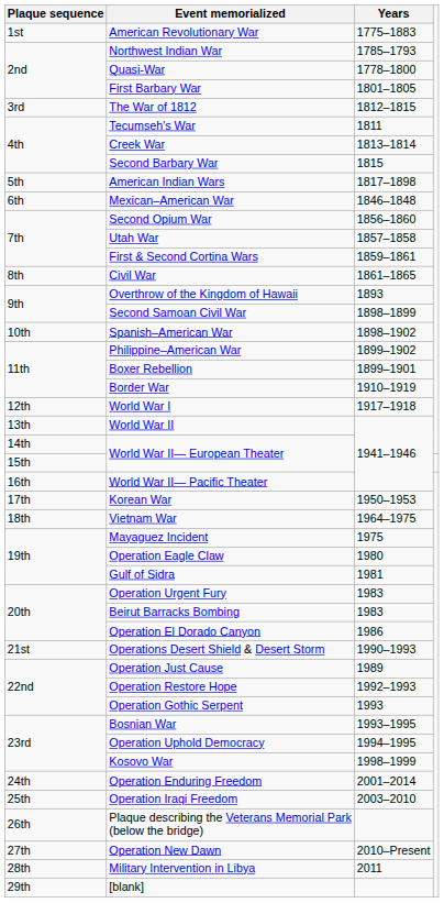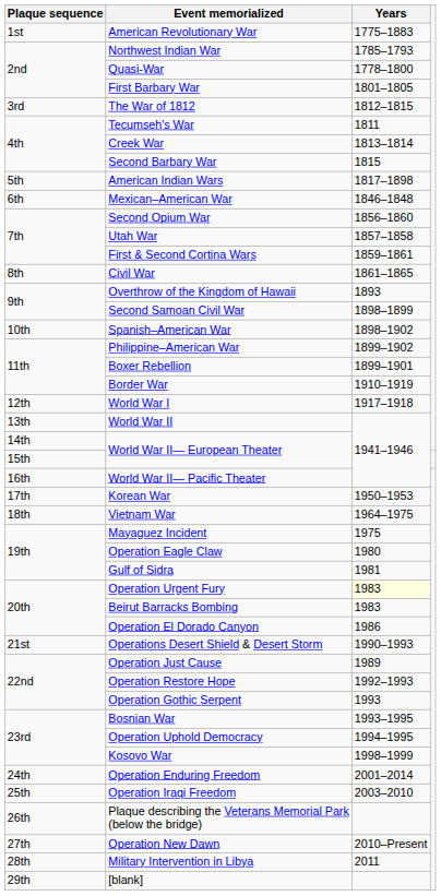 <table class="wikitable">
 <tr>
 <th>Plaque sequence</th>
 <th>Event memorialized</th>
 <th>Years</th>
 </tr>
 <tr>
 <td>1st</td>
 <td><a href='#'>American Revolutionary War</a></td>
 <td>1775–1883</td>
 </tr>
 <tr>
 <td rowspan="3">2nd</td>
 <td><a href='#'>Northwest Indian War</a></td>
 <td>1785–1793</td>
 </tr>
 <tr>
 <td><a href='#'>Quasi-War</a></td>
 <td>1778–1800</td>
 </tr>
 <tr>
 <td><a href='#'>First Barbary War</a></td>
 <td>1801–1805</td>
 </tr>
 <tr>
 <td>3rd</td>
 <td><a href='#'>The War of 1812</a></td>
 <td>1812–1815</td>
 </tr>
 <tr>
 <td rowspan="3">4th</td>
 <td><a href='#'>Tecumseh's War</a></td>
 <td>1811</td>
 </tr>
 <tr>
 <td><a href='#'>Creek War</a></td>
 <td>1813–1814</td>
 </tr>
 <tr>
 <td><a href='#'>Second Barbary War</a></td>
 <td>1815</td>
 </tr>
 <tr>
 <td>5th</td>
 <td><a href='#'>American Indian Wars</a></td>
 <td>1817–1898</td>
 </tr>
 <tr>
 <td>6th</td>
 <td><a href='#'>Mexican–American War</a></td>
 <td>1846–1848</td>
 </tr>
 <tr>
 <td rowspan="3">7th</td>
 <td><a href='#'>Second Opium War</a></td>
 <td>1856–1860</td>
 </tr>
 <tr>
 <td><a href='#'>Utah War</a></td>
 <td>1857–1858</td>
 </tr>
 <tr>
 <td><a href='#'>First & Second Cortina Wars</a></td>
 <td>1859–1861</td>
 </tr>
 <tr>
 <td>8th</td>
 <td><a href='#'>Civil War</a></td>
 <td>1861–1865</td>
 </tr>
 <tr>
 <td rowspan="2">9th</td>
 <td><a href='#'>Overthrow of the Kingdom of Hawaii</a></td>
 <td>1893</td>
 </tr>
 <tr>
 <td><a href='#'>Second Samoan Civil War</a></td>
 <td>1898–1899</td>
 </tr>
 <tr>
 <td>10th</td>
 <td><a href='#'>Spanish–American War</a></td>
 <td>1898–1902</td>
 </tr>
 <tr>
 <td rowspan="3">11th</td>
 <td><a href='#'>Philippine–American War</a></td>
 <td>1899–1902</td>
 </tr>
 <tr>
 <td><a href='#'>Boxer Rebellion</a></td>
 <td>1899–1901</td>
 </tr>
 <tr>
 <td><a href='#'>Border War</a></td>
 <td>1910–1919</td>
 </tr>
 <tr>
 <td>12th</td>
 <td><a href='#'>World War I</a></td>
 <td>1917–1918</td>
 </tr>
 <tr>
 <td>13th</td>
 <td><a href='#'>World War II</a></td>
 <td rowspan="4">1941–1946</td>
 </tr>
 <tr>
 <td>14th</td>
 <td rowspan="2"><a href='#'>World War II— European Theater</a></td>
 </tr>
 <tr>
 <td>15th</td>
 <td></td>
 </tr>
 <tr>
 <td>16th</td>
 <td><a href='#'>World War II— Pacific Theater</a></td>
 </tr>
 <tr>
 <td>17th</td>
 <td><a href='#'>Korean War</a></td>
 <td>1950–1953</td>
 </tr>
 <tr>
 <td>18th</td>
 <td><a href='#'>Vietnam War</a></td>
 <td>1964–1975</td>
 </tr>
 <tr>
 <td rowspan="3">19th</td>
 <td><a href='#'>Mayaguez Incident</a></td>
 <td>1975</td>
 </tr>
 <tr>
 <td><a href='#'>Operation Eagle Claw</a></td>
 <td>1980</td>
 </tr>
 <tr>
 <td><a href='#'>Gulf of Sidra</a></td>
 <td>1981</td>
 </tr>
 <tr>
 <td rowspan="3">20th</td>
 <td><a href='#'>Operation Urgent Fury</a></td>
-<td>1983</td>
+<td style="background: lightyellow;">1983</td>
 </tr>
 <tr>
 <td><a href='#'>Beirut Barracks Bombing</a></td>
 <td>1983</td>
 </tr>
 <tr>
 <td><a href='#'>Operation El Dorado Canyon</a></td>
 <td>1986</td>
 </tr>
 <tr>
 <td>21st</td>
 <td><a href='#'>Operations Desert Shield</a> & <a href='#'>Desert Storm</a></td>
 <td>1990–1993</td>
 </tr>
 <tr>
 <td rowspan="3">22nd</td>
 <td><a href='#'>Operation Just Cause</a></td>
 <td>1989</td>
 </tr>
 <tr>
 <td><a href='#'>Operation Restore Hope</a></td>
 <td>1992–1993</td>
 </tr>
 <tr>
 <td><a href='#'>Operation Gothic Serpent</a></td>
 <td>1993</td>
 </tr>
 <tr>
 <td rowspan="3">23rd</td>
 <td><a href='#'>Bosnian War</a></td>
 <td>1993–1995</td>
 </tr>
 <tr>
 <td><a href='#'>Operation Uphold Democracy</a></td>
 <td>1994–1995</td>
 </tr>
 <tr>
 <td><a href='#'>Kosovo War</a></td>
 <td>1998–1999</td>
 </tr>
 <tr>
 <td>24th</td>
 <td><a href='#'>Operation Enduring Freedom</a></td>
 <td>2001–2014</td>
 </tr>
 <tr>
 <td>25th</td>
 <td><a href='#'>Operation Iraqi Freedom</a></td>
 <td>2003–2010</td>
 </tr>
 <tr>
 <td>26th</td>
 <td>Plaque describing the <a href='#'>Veterans Memorial Park</a><br>(below the bridge)</td>
 <td></td>
 </tr>
 <tr>
 <td>27th</td>
 <td><a href='#'>Operation New Dawn</a></td>
 <td>2010–Present</td>
 </tr>
 <tr>
 <td>28th</td>
 <td><a href='#'>Military Intervention in Libya</a></td>
 <td>2011</td>
 </tr>
 <tr>
 <td>29th</td>
 <td>[blank]</td>
 <td></td>
 </tr>
 </table>
